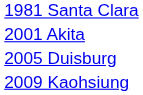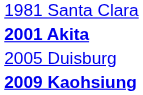 <table>
 <tr>
 <td><a href='#'>1981 Santa Clara</a></td>
 <td></td>
 <td></td>
 <td></td>
 </tr>
 <tr>
-<td><a href='#'>2001 Akita</a></td>
+<td><strong><a href='#'>2001 Akita</a></strong></td>
 <td></td>
 <td></td>
 <td></td>
 </tr>
 <tr>
 <td><a href='#'>2005 Duisburg</a></td>
 <td></td>
 <td></td>
 <td></td>
 </tr>
 <tr>
-<td><a href='#'>2009 Kaohsiung</a></td>
+<td><strong><a href='#'>2009 Kaohsiung</a></strong></td>
 <td></td>
 <td></td>
 <td></td>
 </tr>
 </table>
